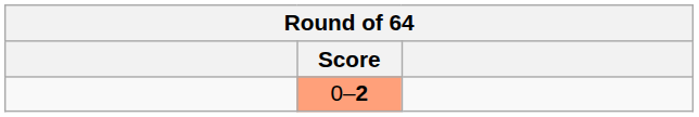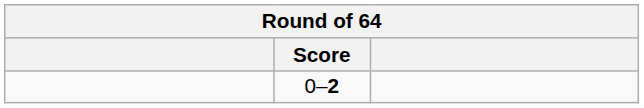 <table class="wikitable" style="text-align: center; font-size:90% ">
 <tr>
 <th colspan=3>Round of 64</th>
 </tr>
 <tr>
 <th align="right" width=180></th>
 <th width="60">Score</th>
 <th align="left" width=180></th>
 </tr>
 <tr>
 <td align=left></td>
-<td align=center style="background: lightsalmon;">0–<strong>2</strong></td>
+<td align=center>0–<strong>2</strong></td>
 <td align=left><strong></strong></td>
 </tr>
 </table>
